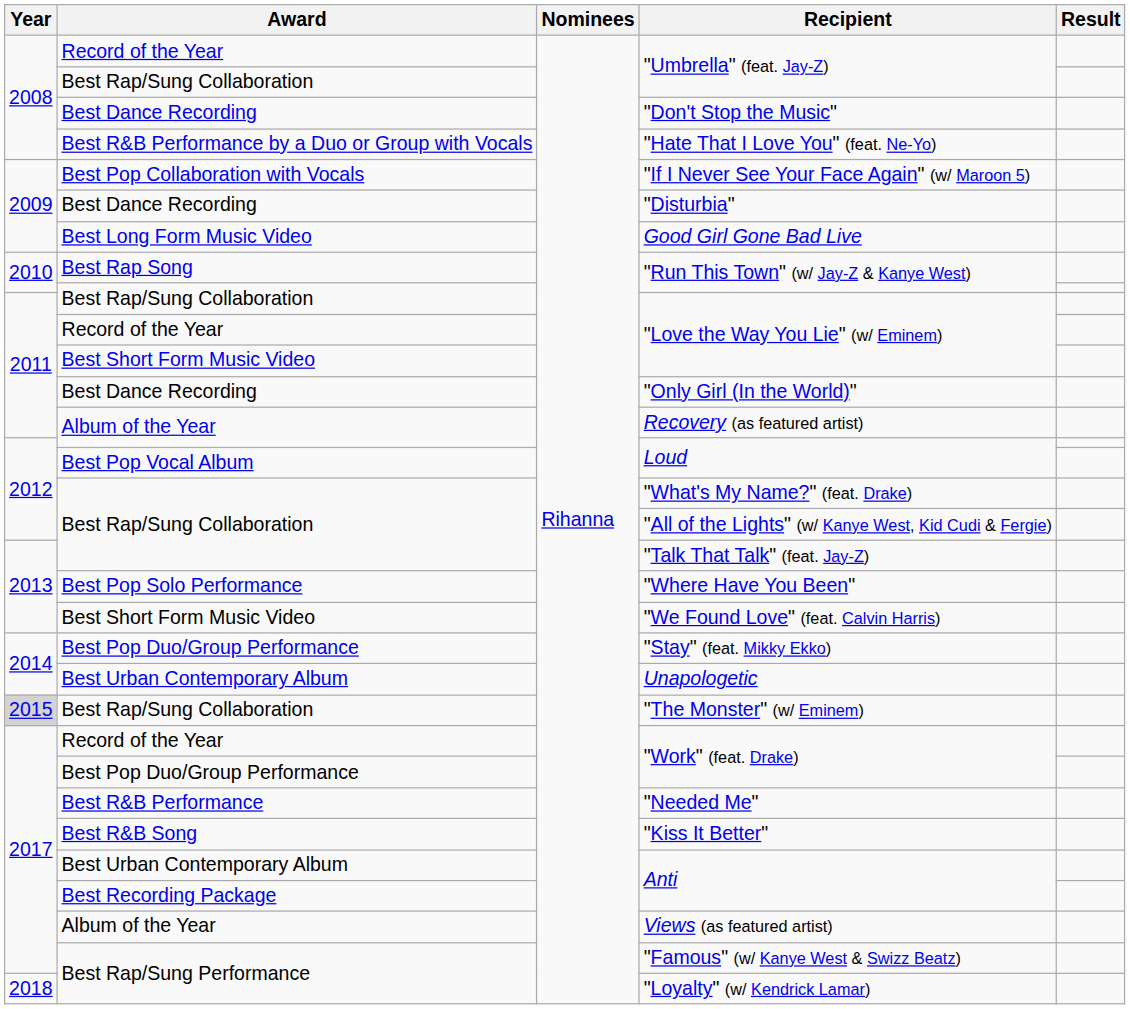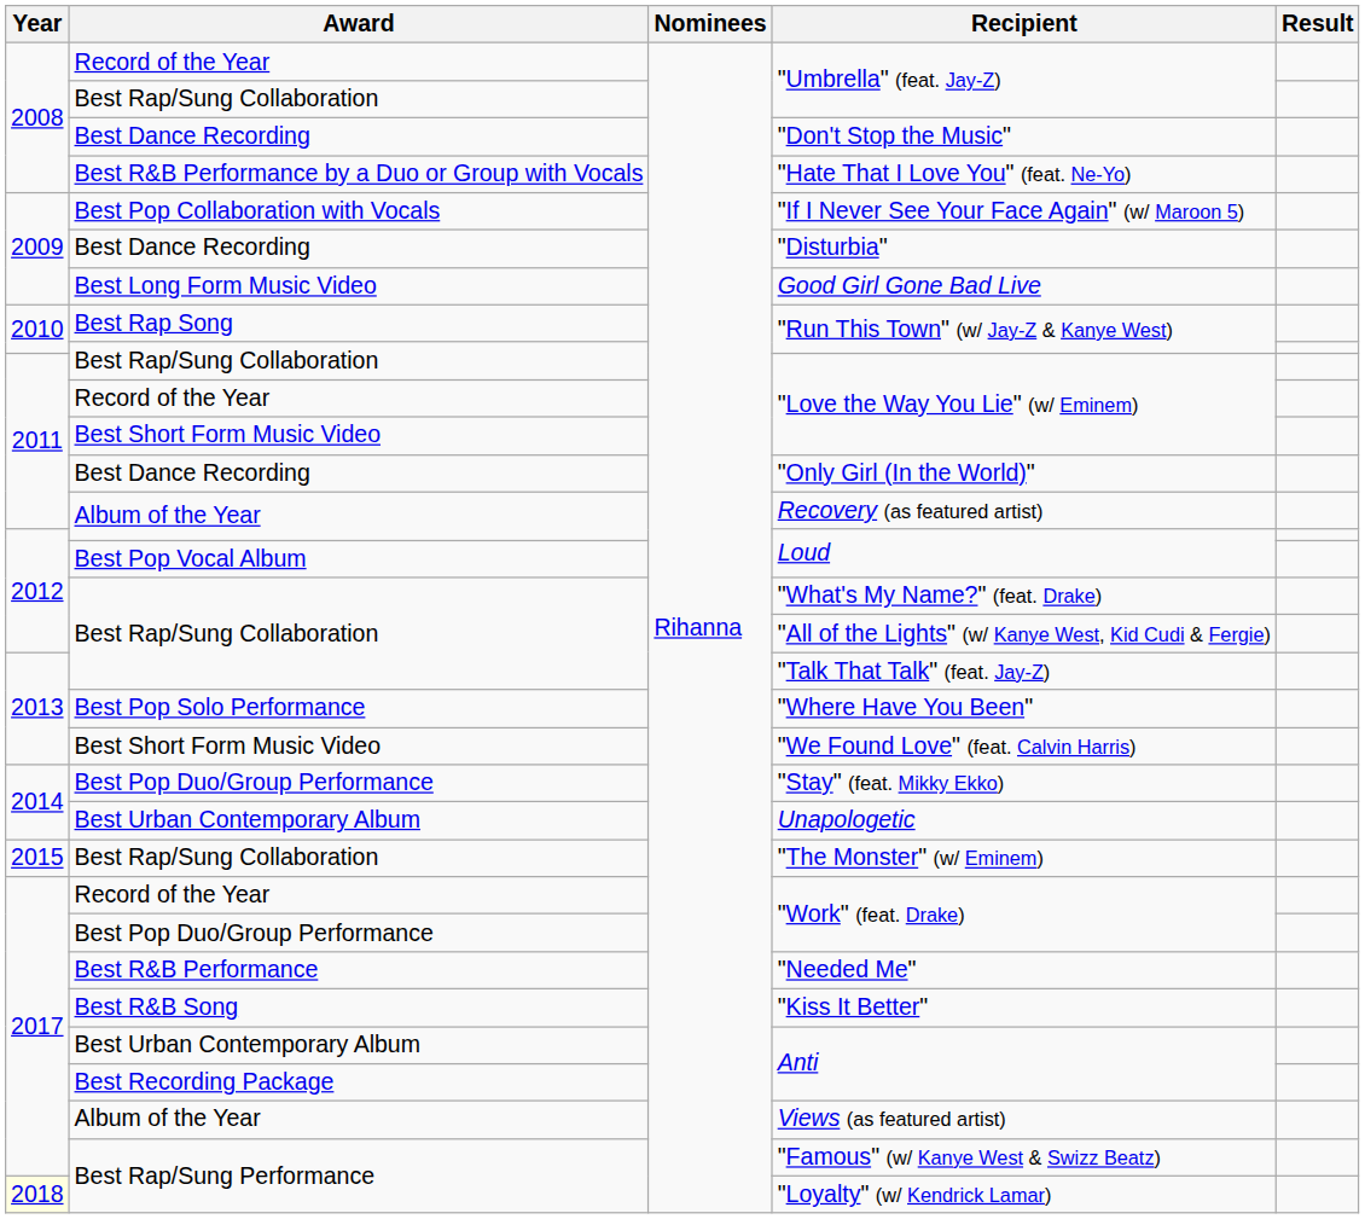 <table class="wikitable sortable">
 <tr>
 <th>Year</th>
 <th>Award</th>
 <th>Nominees</th>
 <th>Recipient</th>
 <th>Result</th>
 </tr>
 <tr>
 <td rowspan="4" style="text-align:center;"><a href='#'>2008</a></td>
 <td><a href='#'>Record of the Year</a></td>
 <td rowspan="33"><a href='#'>Rihanna</a></td>
 <td rowspan="2" style="text-align:left;">"<a href='#'>Umbrella</a>" <small>(feat. <a href='#'>Jay-Z</a>)</small></td>
 <td></td>
 </tr>
 <tr>
 <td>Best Rap/Sung Collaboration</td>
 <td></td>
 </tr>
 <tr>
 <td><a href='#'>Best Dance Recording</a></td>
 <td>"<a href='#'>Don't Stop the Music</a>"</td>
 <td></td>
 </tr>
 <tr>
 <td><a href='#'>Best R&B Performance by a Duo or Group with Vocals</a></td>
 <td>"<a href='#'>Hate That I Love You</a>" <small>(feat. <a href='#'>Ne-Yo</a>)</small></td>
 <td></td>
 </tr>
 <tr>
 <td rowspan="3" style="text-align:center;"><a href='#'>2009</a></td>
 <td><a href='#'>Best Pop Collaboration with Vocals</a></td>
 <td>"<a href='#'>If I Never See Your Face Again</a>" <small>(w/ <a href='#'>Maroon 5</a>)</small></td>
 <td></td>
 </tr>
 <tr>
 <td>Best Dance Recording</td>
 <td>"<a href='#'>Disturbia</a>"</td>
 <td></td>
 </tr>
 <tr>
 <td><a href='#'>Best Long Form Music Video</a></td>
 <td><em><a href='#'>Good Girl Gone Bad Live</a></em></td>
 <td></td>
 </tr>
 <tr>
 <td rowspan="2" style="text-align:center;"><a href='#'>2010</a></td>
 <td><a href='#'>Best Rap Song</a></td>
 <td rowspan="2" style="text-align:left;">"<a href='#'>Run This Town</a>" <small>(w/ <a href='#'>Jay-Z</a> & <a href='#'>Kanye West</a>)</small></td>
 <td></td>
 </tr>
 <tr>
 <td rowspan="2">Best Rap/Sung Collaboration</td>
 <td></td>
 </tr>
 <tr>
 <td rowspan="5" style="text-align:center;"><a href='#'>2011</a></td>
 <td rowspan="3" style="text-align:left;">"<a href='#'>Love the Way You Lie</a>" <small>(w/ <a href='#'>Eminem</a>)</small></td>
 <td></td>
 </tr>
 <tr>
 <td>Record of the Year</td>
 <td></td>
 </tr>
 <tr>
 <td><a href='#'>Best Short Form Music Video</a></td>
 <td></td>
 </tr>
 <tr>
 <td>Best Dance Recording</td>
 <td>"<a href='#'>Only Girl (In the World)</a>"</td>
 <td></td>
 </tr>
 <tr>
 <td rowspan="2"><a href='#'>Album of the Year</a></td>
 <td><em><a href='#'>Recovery</a></em> <small>(as featured artist)</small></td>
 <td></td>
 </tr>
 <tr>
 <td rowspan="4" style="text-align:center;"><a href='#'>2012</a></td>
 <td rowspan="2" style="text-align:left;"><em><a href='#'>Loud</a></em></td>
 <td></td>
 </tr>
 <tr>
 <td><a href='#'>Best Pop Vocal Album</a></td>
 <td></td>
 </tr>
 <tr>
 <td rowspan="3">Best Rap/Sung Collaboration</td>
 <td>"<a href='#'>What's My Name?</a>" <small>(feat. <a href='#'>Drake</a>)</small></td>
 <td></td>
 </tr>
 <tr>
 <td>"<a href='#'>All of the Lights</a>" <small>(w/ <a href='#'>Kanye West</a>, <a href='#'>Kid Cudi</a> & <a href='#'>Fergie</a>)</small></td>
 <td></td>
 </tr>
 <tr>
 <td rowspan="3" style="text-align:center;"><a href='#'>2013</a></td>
 <td>"<a href='#'>Talk That Talk</a>" <small>(feat. <a href='#'>Jay-Z</a>)</small></td>
 <td></td>
 </tr>
 <tr>
 <td><a href='#'>Best Pop Solo Performance</a></td>
 <td>"<a href='#'>Where Have You Been</a>"</td>
 <td></td>
 </tr>
 <tr>
 <td>Best Short Form Music Video</td>
 <td>"<a href='#'>We Found Love</a>" <small>(feat. <a href='#'>Calvin Harris</a>)</small></td>
 <td></td>
 </tr>
 <tr>
 <td rowspan="2" style="text-align:center;"><a href='#'>2014</a></td>
 <td><a href='#'>Best Pop Duo/Group Performance</a></td>
 <td>"<a href='#'>Stay</a>" <small>(feat. <a href='#'>Mikky Ekko</a>)</small></td>
 <td></td>
 </tr>
 <tr>
 <td><a href='#'>Best Urban Contemporary Album</a></td>
 <td><em><a href='#'>Unapologetic</a></em></td>
 <td></td>
 </tr>
 <tr>
-<td style="background: lightgrey; text-align:center;"><a href='#'>2015</a></td>
+<td style="text-align:center;"><a href='#'>2015</a></td>
 <td>Best Rap/Sung Collaboration</td>
 <td>"<a href='#'>The Monster</a>" <small>(w/ <a href='#'>Eminem</a>)</small></td>
 <td></td>
 </tr>
 <tr>
 <td rowspan="8" style="text-align:center;"><a href='#'>2017</a></td>
 <td>Record of the Year</td>
 <td rowspan="2">"<a href='#'>Work</a>" <small>(feat. <a href='#'>Drake</a>)</small></td>
 <td></td>
 </tr>
 <tr>
 <td>Best Pop Duo/Group Performance</td>
 <td></td>
 </tr>
 <tr>
 <td><a href='#'>Best R&B Performance</a></td>
 <td>"<a href='#'>Needed Me</a>"</td>
 <td></td>
 </tr>
 <tr>
 <td><a href='#'>Best R&B Song</a></td>
 <td>"<a href='#'>Kiss It Better</a>"</td>
 <td></td>
 </tr>
 <tr>
 <td>Best Urban Contemporary Album</td>
 <td rowspan="2"><em><a href='#'>Anti</a></em></td>
 <td></td>
 </tr>
 <tr>
 <td><a href='#'>Best Recording Package</a></td>
 <td></td>
 </tr>
 <tr>
 <td>Album of the Year</td>
 <td><em><a href='#'>Views</a></em> <small>(as featured artist)</small></td>
 <td></td>
 </tr>
 <tr>
 <td rowspan="2">Best Rap/Sung Performance</td>
 <td>"<a href='#'>Famous</a>" <small>(w/ <a href='#'>Kanye West</a> & <a href='#'>Swizz Beatz</a>)</small></td>
 <td></td>
 </tr>
 <tr>
-<td style="text-align:center;"><a href='#'>2018</a></td>
+<td style="background: lightyellow; text-align:center;"><a href='#'>2018</a></td>
 <td>"<a href='#'>Loyalty</a>" <small>(w/ <a href='#'>Kendrick Lamar</a>)</small></td>
 <td></td>
 </tr>
 </table>
